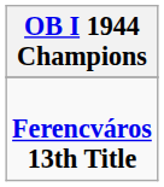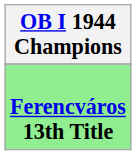 <table class="wikitable" style="text-align: center; margin: 0 auto;">
 <tr>
 <th><a href='#'>OB I</a> 1944<br>Champions</th>
 </tr>
 <tr>
 </tr>
 <tr>
-<td> <br><strong><a href='#'>Ferencváros</a></strong><br><strong>13th Title</strong></td>
+<td style="background: lightgreen;"> <br><strong><a href='#'>Ferencváros</a></strong><br><strong>13th Title</strong></td>
 </tr>
 </table>
